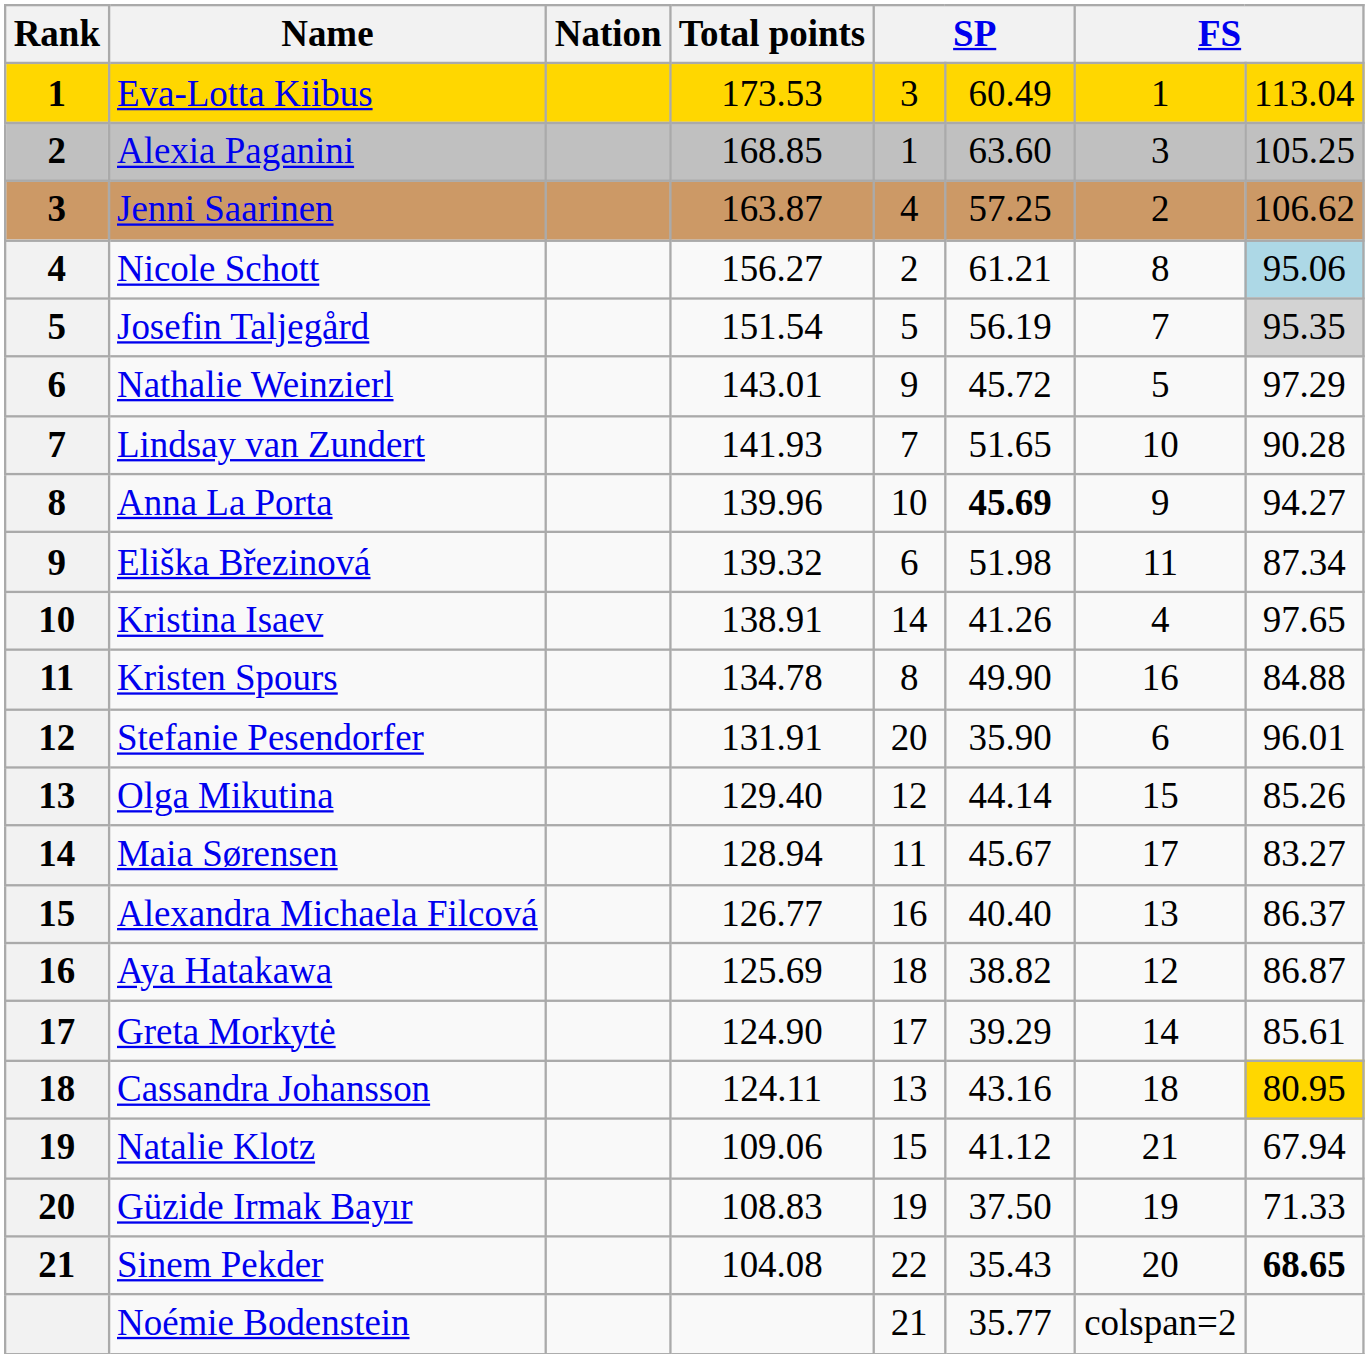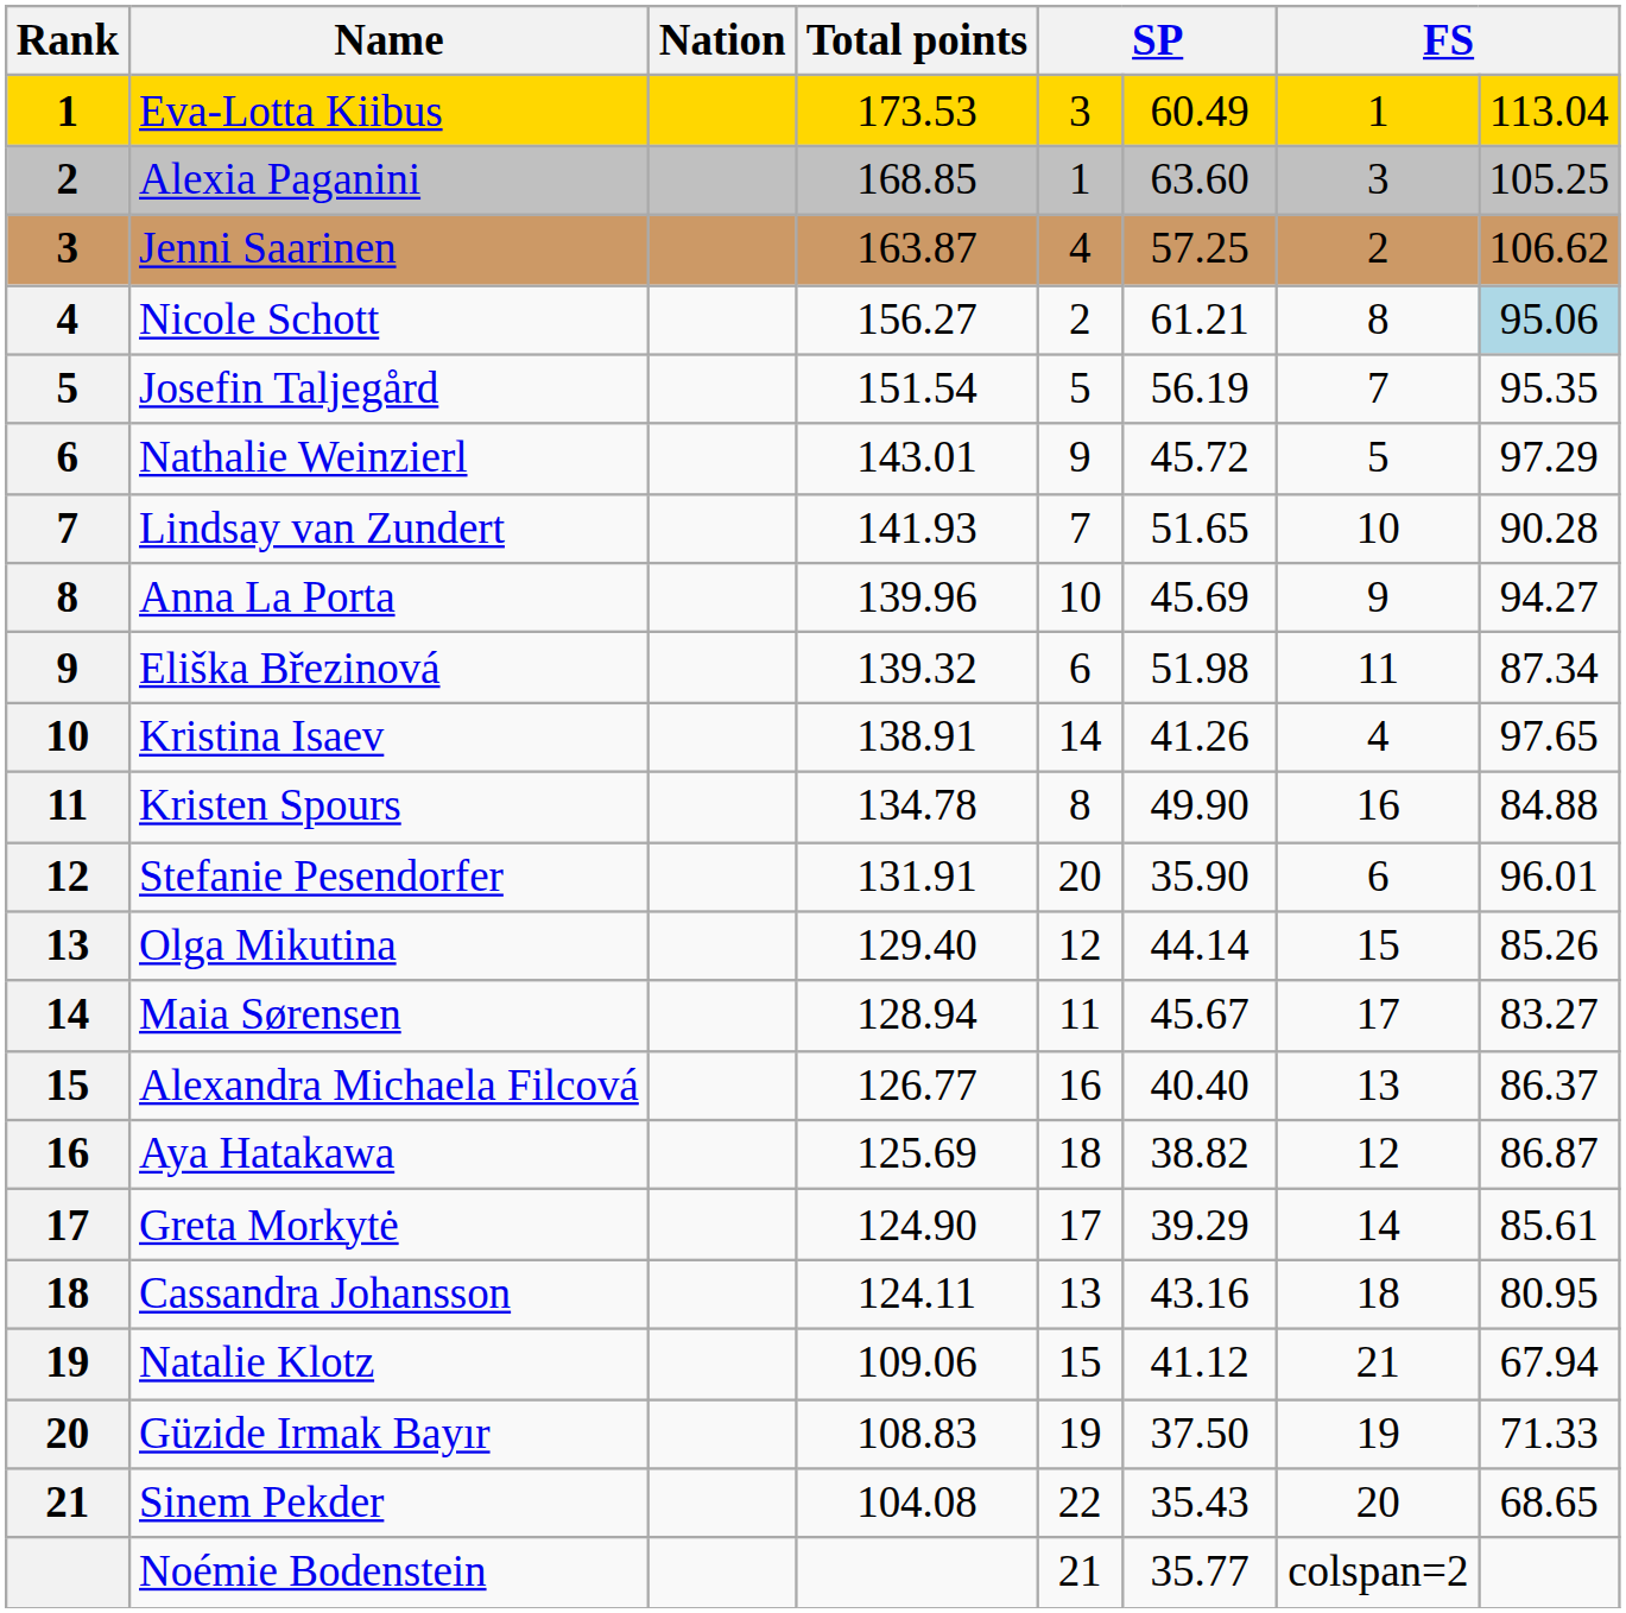 <table class="wikitable sortable">
 <tr>
 <th>Rank</th>
 <th>Name</th>
 <th>Nation</th>
 <th>Total points</th>
 <th colspan="2" width="80px"><a href='#'>SP</a></th>
 <th colspan="2" width="80px"><a href='#'>FS</a></th>
 </tr>
 <tr bgcolor="gold">
 <td align="center"><strong>1</strong></td>
 <td><a href='#'>Eva-Lotta Kiibus</a></td>
 <td></td>
 <td align="center">173.53</td>
 <td align="center">3</td>
 <td align="center">60.49</td>
 <td align="center">1</td>
 <td align="center">113.04</td>
 </tr>
 <tr bgcolor="silver">
 <td align="center"><strong>2</strong></td>
 <td><a href='#'>Alexia Paganini</a></td>
 <td></td>
 <td align="center">168.85</td>
 <td align="center">1</td>
 <td align="center">63.60</td>
 <td align="center">3</td>
 <td align="center">105.25</td>
 </tr>
 <tr bgcolor="cc9966">
 <td align="center"><strong>3</strong></td>
 <td><a href='#'>Jenni Saarinen</a></td>
 <td></td>
 <td align="center">163.87</td>
 <td align="center">4</td>
 <td align="center">57.25</td>
 <td align="center">2</td>
 <td align="center">106.62</td>
 </tr>
 <tr>
 <th>4</th>
 <td><a href='#'>Nicole Schott</a></td>
 <td></td>
 <td align="center">156.27</td>
 <td align="center">2</td>
 <td align="center">61.21</td>
 <td align="center">8</td>
 <td align="center" style="background: lightblue;">95.06</td>
 </tr>
 <tr>
 <th>5</th>
 <td><a href='#'>Josefin Taljegård</a></td>
 <td></td>
 <td align="center">151.54</td>
 <td align="center">5</td>
 <td align="center">56.19</td>
 <td align="center">7</td>
-<td align="center" style="background: lightgrey;">95.35</td>
+<td align="center">95.35</td>
 </tr>
 <tr>
 <th>6</th>
 <td><a href='#'>Nathalie Weinzierl</a></td>
 <td></td>
 <td align="center">143.01</td>
 <td align="center">9</td>
 <td align="center">45.72</td>
 <td align="center">5</td>
 <td align="center">97.29</td>
 </tr>
 <tr>
 <th>7</th>
 <td><a href='#'>Lindsay van Zundert</a></td>
 <td></td>
 <td align="center">141.93</td>
 <td align="center">7</td>
 <td align="center">51.65</td>
 <td align="center">10</td>
 <td align="center">90.28</td>
 </tr>
 <tr>
 <th>8</th>
 <td><a href='#'>Anna La Porta</a></td>
 <td></td>
 <td align="center">139.96</td>
 <td align="center">10</td>
-<td align="center"><strong>45.69</strong></td>
+<td align="center">45.69</td>
 <td align="center">9</td>
 <td align="center">94.27</td>
 </tr>
 <tr>
 <th>9</th>
 <td><a href='#'>Eliška Březinová</a></td>
 <td></td>
 <td align="center">139.32</td>
 <td align="center">6</td>
 <td align="center">51.98</td>
 <td align="center">11</td>
 <td align="center">87.34</td>
 </tr>
 <tr>
 <th>10</th>
 <td><a href='#'>Kristina Isaev</a></td>
 <td></td>
 <td align="center">138.91</td>
 <td align="center">14</td>
 <td align="center">41.26</td>
 <td align="center">4</td>
 <td align="center">97.65</td>
 </tr>
 <tr>
 <th>11</th>
 <td><a href='#'>Kristen Spours</a></td>
 <td></td>
 <td align="center">134.78</td>
 <td align="center">8</td>
 <td align="center">49.90</td>
 <td align="center">16</td>
 <td align="center">84.88</td>
 </tr>
 <tr>
 <th>12</th>
 <td><a href='#'>Stefanie Pesendorfer</a></td>
 <td></td>
 <td align="center">131.91</td>
 <td align="center">20</td>
 <td align="center">35.90</td>
 <td align="center">6</td>
 <td align="center">96.01</td>
 </tr>
 <tr>
 <th>13</th>
 <td><a href='#'>Olga Mikutina</a></td>
 <td></td>
 <td align="center">129.40</td>
 <td align="center">12</td>
 <td align="center">44.14</td>
 <td align="center">15</td>
 <td align="center">85.26</td>
 </tr>
 <tr>
 <th>14</th>
 <td><a href='#'>Maia Sørensen</a></td>
 <td></td>
 <td align="center">128.94</td>
 <td align="center">11</td>
 <td align="center">45.67</td>
 <td align="center">17</td>
 <td align="center">83.27</td>
 </tr>
 <tr>
 <th>15</th>
 <td><a href='#'>Alexandra Michaela Filcová</a></td>
 <td></td>
 <td align="center">126.77</td>
 <td align="center">16</td>
 <td align="center">40.40</td>
 <td align="center">13</td>
 <td align="center">86.37</td>
 </tr>
 <tr>
 <th>16</th>
 <td><a href='#'>Aya Hatakawa</a></td>
 <td></td>
 <td align="center">125.69</td>
 <td align="center">18</td>
 <td align="center">38.82</td>
 <td align="center">12</td>
 <td align="center">86.87</td>
 </tr>
 <tr>
 <th>17</th>
 <td><a href='#'>Greta Morkytė</a></td>
 <td></td>
 <td align="center">124.90</td>
 <td align="center">17</td>
 <td align="center">39.29</td>
 <td align="center">14</td>
 <td align="center">85.61</td>
 </tr>
 <tr>
 <th>18</th>
 <td><a href='#'>Cassandra Johansson</a></td>
 <td></td>
 <td align="center">124.11</td>
 <td align="center">13</td>
 <td align="center">43.16</td>
 <td align="center">18</td>
-<td align="center" style="background: gold;">80.95</td>
+<td align="center">80.95</td>
 </tr>
 <tr>
 <th>19</th>
 <td><a href='#'>Natalie Klotz</a></td>
 <td></td>
 <td align="center">109.06</td>
 <td align="center">15</td>
 <td align="center">41.12</td>
 <td align="center">21</td>
 <td align="center">67.94</td>
 </tr>
 <tr>
 <th>20</th>
 <td><a href='#'>Güzide Irmak Bayır</a></td>
 <td></td>
 <td align="center">108.83</td>
 <td align="center">19</td>
 <td align="center">37.50</td>
 <td align="center">19</td>
 <td align="center">71.33</td>
 </tr>
 <tr>
 <th>21</th>
 <td><a href='#'>Sinem Pekder</a></td>
 <td></td>
 <td align="center">104.08</td>
 <td align="center">22</td>
 <td align="center">35.43</td>
 <td align="center">20</td>
-<td align="center"><strong>68.65</strong></td>
+<td align="center">68.65</td>
 </tr>
 <tr>
 <th></th>
 <td><a href='#'>Noémie Bodenstein</a></td>
 <td></td>
 <td></td>
 <td align="center">21</td>
 <td align="center">35.77</td>
 <td>colspan=2 </td>
 </tr>
 </table>
